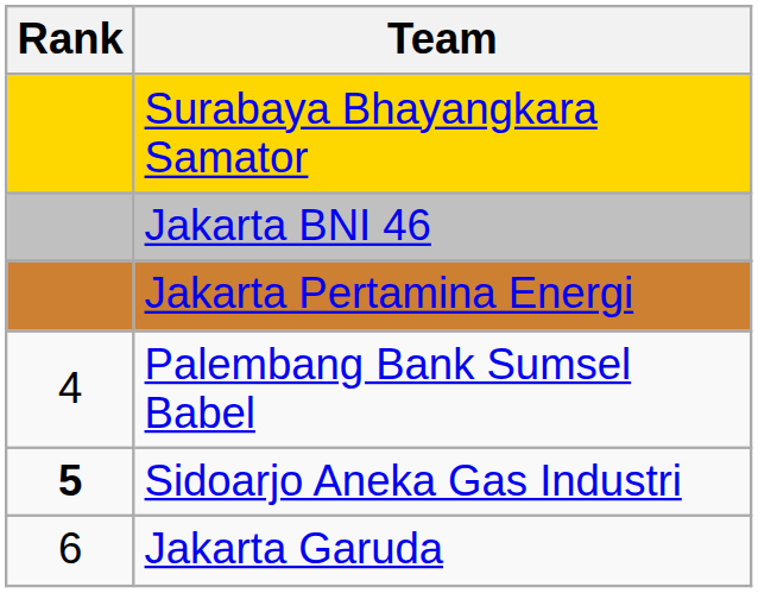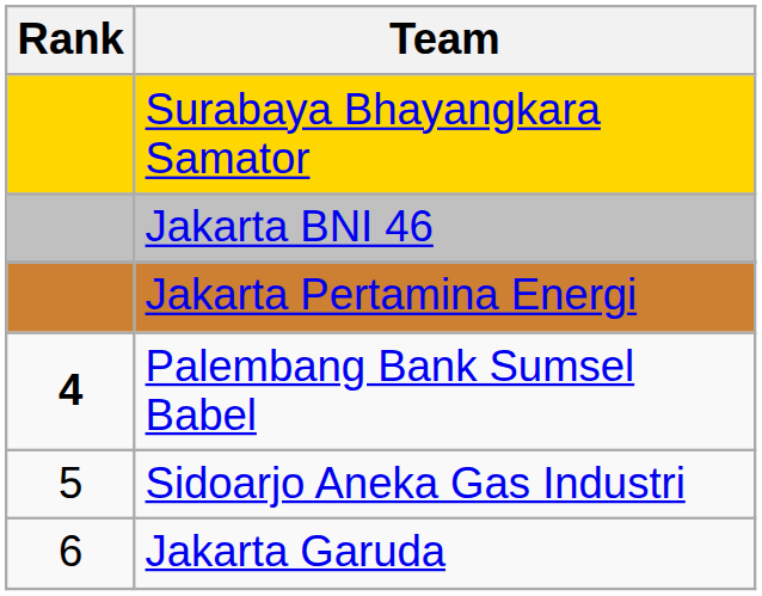 <table class="wikitable" style="text-align:center">
 <tr>
 <th width=40>Rank</th>
 <th width=220>Team</th>
 </tr>
 <tr bgcolor=#FFD700>
 <td></td>
 <td style="text-align:left"><a href='#'>Surabaya Bhayangkara Samator</a></td>
 </tr>
 <tr bgcolor=#C0C0C0>
 <td></td>
 <td style="text-align:left"><a href='#'>Jakarta BNI 46</a></td>
 </tr>
 <tr>
 </tr>
 <tr bgcolor=#CD7F32>
 <td></td>
 <td style="text-align:left"><a href='#'>Jakarta Pertamina Energi</a></td>
 </tr>
 <tr>
-<td>4</td>
+<td><strong>4</strong></td>
 <td style="text-align:left"><a href='#'>Palembang Bank Sumsel Babel</a></td>
 </tr>
 <tr>
-<td><strong>5</strong></td>
+<td>5</td>
 <td style="text-align:left"><a href='#'>Sidoarjo Aneka Gas Industri</a></td>
 </tr>
 <tr>
 <td>6</td>
 <td style="text-align:left"><a href='#'>Jakarta Garuda</a></td>
 </tr>
 </table>
